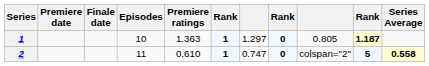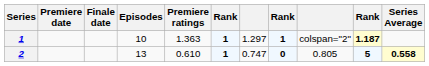 <table class="wikitable plainrowheaders" style="text-align:center">
 <tr style="background:#DCDCDC">
 <th scope="col" style="width:6em">Series</th>
 <th scope="col" style="width:10em">Premiere date</th>
 <th scope="col" style="width:10em">Finale date</th>
 <th scope="col">Episodes</th>
 <th scope="col" style="width:8em">Premiere<br>ratings</th>
 <th scope="col" style="width:4em">Rank</th>
 <th scope="col" style="width:8em"><strong></strong><br><em><small></small></em></th>
 <th scope="col" style="width:4em">Rank</th>
 <th scope="col"><strong></strong><br><em><small></small></em></th>
 <th scope="col" style="width:4em">Rank</th>
 <th scope="col" style="width:4em">Series Average</th>
 </tr>
 <tr>
 <th scope="row" style="text-align:center"><a href='#'><em>1</em></a></th>
 <td></td>
 <td></td>
 <td>10</td>
 <td>1.363</td>
 <td style="background:#F0F8FF"><strong>1</strong></td>
 <td>1.297</td>
-<td style="background:#F0F8FF"><strong>0</strong></td>
-<td>0.805</td>
+<td style="background:#F0F8FF"><strong>1</strong></td>
+<td>colspan="2" </td>
 <th style="background:#FFFDD0">1.187</th>
 </tr>
 <tr>
 <th scope="row" style="text-align:center"><a href='#'><em>2</em></a></th>
 <td></td>
 <td></td>
-<td>11</td>
+<td>13</td>
 <td>0.610</td>
 <td style="background:#F0F8FF"><strong>1</strong></td>
 <td>0.747</td>
 <td style="background:#F0F8FF"><strong>0</strong></td>
-<td>colspan="2" </td>
+<td>0.805</td>
 <td style="background:#F0F8FF"><strong>5</strong></td>
 <th style="background:#FFFDD0">0.558</th>
 </tr>
 </table>
